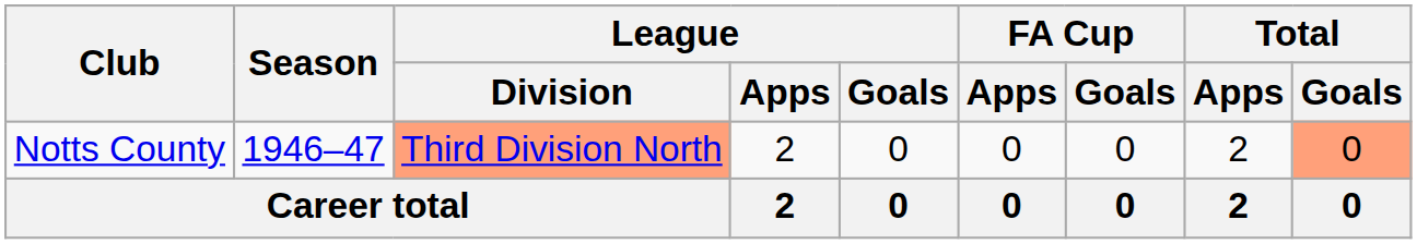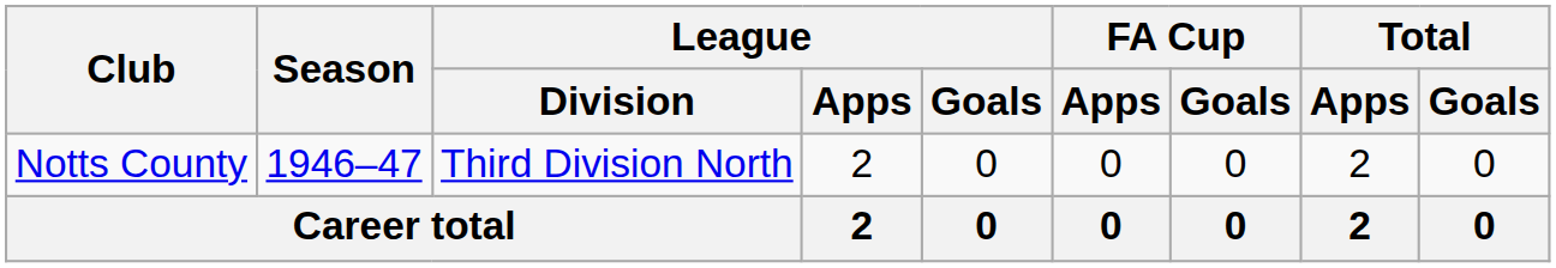 <table class="wikitable" style="text-align:center">
 <tr>
 <th rowspan="2">Club</th>
 <th rowspan="2">Season</th>
 <th colspan="3">League</th>
 <th colspan="2">FA Cup</th>
 <th colspan="2">Total</th>
 </tr>
 <tr>
 <th>Division</th>
 <th>Apps</th>
 <th>Goals</th>
 <th>Apps</th>
 <th>Goals</th>
 <th>Apps</th>
 <th>Goals</th>
 </tr>
 <tr>
 <td><a href='#'>Notts County</a></td>
 <td><a href='#'>1946–47</a></td>
-<td style="background: lightsalmon;"><a href='#'>Third Division North</a></td>
+<td><a href='#'>Third Division North</a></td>
 <td>2</td>
 <td>0</td>
 <td>0</td>
 <td>0</td>
 <td>2</td>
-<td style="background: lightsalmon;">0</td>
+<td>0</td>
 </tr>
 <tr>
 <th colspan="3">Career total</th>
 <th>2</th>
 <th>0</th>
 <th>0</th>
 <th>0</th>
 <th>2</th>
 <th>0</th>
 </tr>
 </table>
